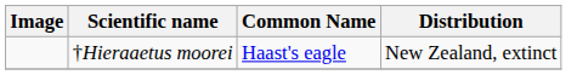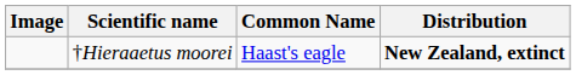 <table class="wikitable">
 <tr>
 <th>Image</th>
 <th>Scientific name</th>
 <th>Common Name</th>
 <th>Distribution</th>
 </tr>
 <tr>
 <td></td>
 <td>†<em>Hieraaetus moorei</em></td>
 <td><a href='#'>Haast's eagle</a></td>
-<td>New Zealand, extinct</td>
+<td><strong>New Zealand, extinct</strong></td>
 </tr>
 <tr>
 </tr>
 </table>
